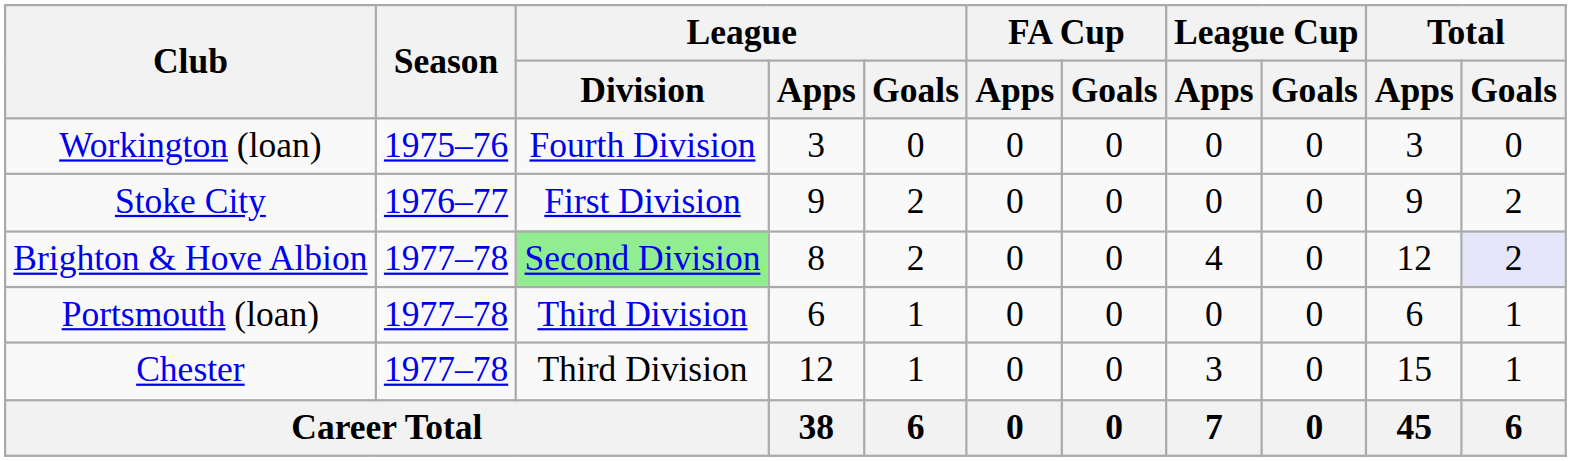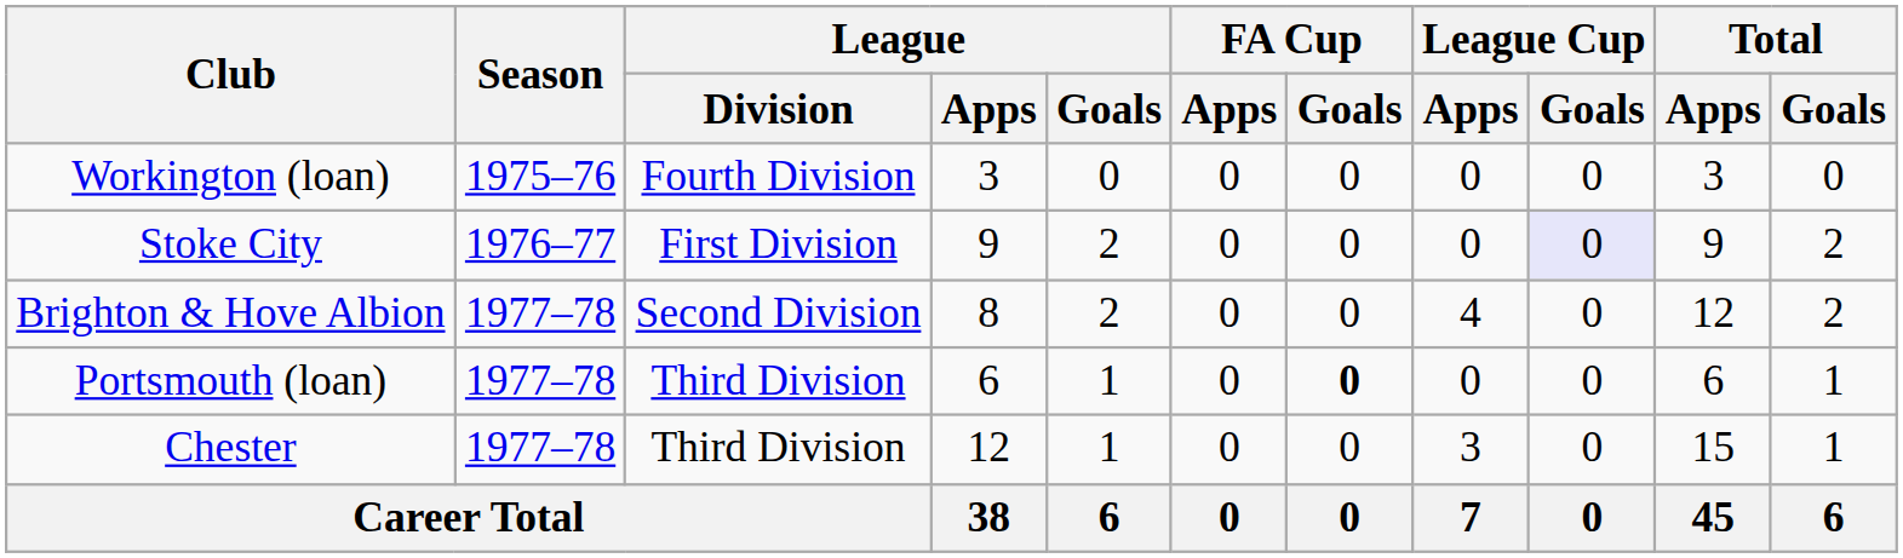 <table class="wikitable" style="text-align: center;">
 <tr>
 <th rowspan="2">Club</th>
 <th rowspan="2">Season</th>
 <th colspan="3">League</th>
 <th colspan="2">FA Cup</th>
 <th colspan="2">League Cup</th>
 <th colspan="2">Total</th>
 </tr>
 <tr>
 <th>Division</th>
 <th>Apps</th>
 <th>Goals</th>
 <th>Apps</th>
 <th>Goals</th>
 <th>Apps</th>
 <th>Goals</th>
 <th>Apps</th>
 <th>Goals</th>
 </tr>
 <tr>
 <td><a href='#'>Workington</a> (loan)</td>
 <td><a href='#'>1975–76</a></td>
 <td><a href='#'>Fourth Division</a></td>
 <td>3</td>
 <td>0</td>
 <td>0</td>
 <td>0</td>
 <td>0</td>
 <td>0</td>
 <td>3</td>
 <td>0</td>
 </tr>
 <tr>
 <td><a href='#'>Stoke City</a></td>
 <td><a href='#'>1976–77</a></td>
 <td><a href='#'>First Division</a></td>
 <td>9</td>
 <td>2</td>
 <td>0</td>
 <td>0</td>
 <td>0</td>
-<td>0</td>
+<td style="background: lavender;">0</td>
 <td>9</td>
 <td>2</td>
 </tr>
 <tr>
 <td><a href='#'>Brighton & Hove Albion</a></td>
 <td><a href='#'>1977–78</a></td>
-<td style="background: lightgreen;"><a href='#'>Second Division</a></td>
+<td><a href='#'>Second Division</a></td>
 <td>8</td>
 <td>2</td>
 <td>0</td>
 <td>0</td>
 <td>4</td>
 <td>0</td>
 <td>12</td>
-<td style="background: lavender;">2</td>
+<td>2</td>
 </tr>
 <tr>
 <td><a href='#'>Portsmouth</a> (loan)</td>
 <td><a href='#'>1977–78</a></td>
 <td><a href='#'>Third Division</a></td>
 <td>6</td>
 <td>1</td>
 <td>0</td>
-<td>0</td>
+<td><strong>0</strong></td>
 <td>0</td>
 <td>0</td>
 <td>6</td>
 <td>1</td>
 </tr>
 <tr>
 <td><a href='#'>Chester</a></td>
 <td><a href='#'>1977–78</a></td>
 <td>Third Division</td>
 <td>12</td>
 <td>1</td>
 <td>0</td>
 <td>0</td>
 <td>3</td>
 <td>0</td>
 <td>15</td>
 <td>1</td>
 </tr>
 <tr>
 <th colspan="3">Career Total</th>
 <th>38</th>
 <th>6</th>
 <th>0</th>
 <th>0</th>
 <th>7</th>
 <th>0</th>
 <th>45</th>
 <th>6</th>
 </tr>
 </table>
